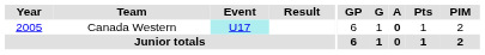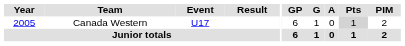 <table border="0" cellpadding="1" cellspacing="0" ID="Table3" style="text-align:center; width:40em">
 <tr ALIGN="center" bgcolor="#e0e0e0">
 <th>Year</th>
 <th>Team</th>
 <th>Event</th>
 <th>Result</th>
 <th rowspan="99" bgcolor="#ffffff"></th>
 <th>GP</th>
 <th>G</th>
 <th>A</th>
 <th>Pts</th>
 <th>PIM</th>
 </tr>
 <tr>
 <td><a href='#'>2005</a></td>
 <td>Canada Western</td>
-<td style="background: paleturquoise;"><a href='#'>U17</a></td>
+<td><a href='#'>U17</a></td>
 <td></td>
 <td>6</td>
 <td>1</td>
-<td><strong>0</strong></td>
-<td>1</td>
+<td>0</td>
+<td style="background: lightgrey;">1</td>
 <td>2</td>
 </tr>
 <tr bgcolor="#e0e0e0">
 <th colspan="4">Junior totals</th>
 <th>6</th>
 <th>1</th>
 <th>0</th>
 <th>1</th>
 <th>2</th>
 </tr>
 </table>
